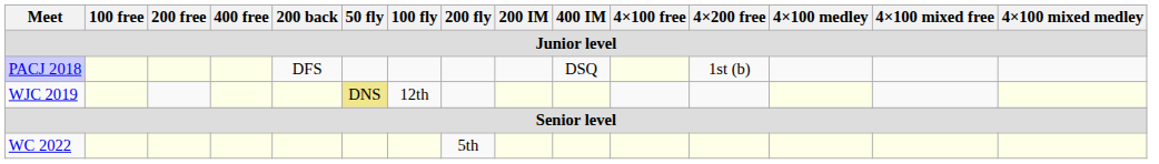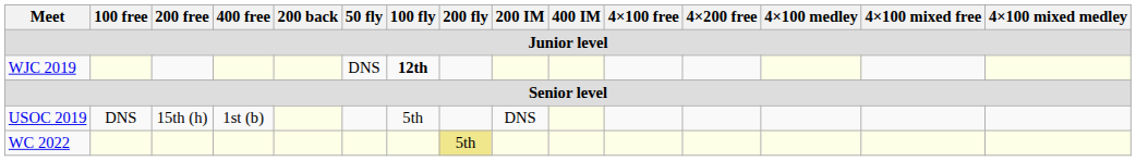 <table class="sortable wikitable">
 <tr>
 <th>Meet</th>
 <th class="unsortable">100 free</th>
 <th class="unsortable">200 free</th>
 <th class="unsortable">400 free</th>
 <th class="unsortable">200 back</th>
 <th class="unsortable">50 fly</th>
 <th class="unsortable">100 fly</th>
 <th class="unsortable">200 fly</th>
 <th class="unsortable">200 IM</th>
 <th class="unsortable">400 IM</th>
 <th class="unsortable">4×100 free</th>
 <th class="unsortable">4×200 free</th>
 <th class="unsortable">4×100 medley</th>
 <th class="unsortable">4×100 mixed free</th>
 <th class="unsortable">4×100 mixed medley</th>
 </tr>
 <tr bgcolor="#DDDDDD">
 <td colspan="15" align="center"><strong>Junior level</strong></td>
 </tr>
 <tr>
-<td style="background:#ccccff"><a href='#'>PACJ 2018</a></td>
-<td style="background:#fdffe7"></td>
-<td style="background:#fdffe7"></td>
-<td style="background:#fdffe7"></td>
-<td align="center">DFS</td>
-<td></td>
-<td align="center"></td>
-<td align="center"></td>
-<td align="center"></td>
-<td align="center">DSQ</td>
-<td style="background:#fdffe7"></td>
-<td align="center">1st (b)</td>
-<td align="center"></td>
-<td></td>
-<td align="center"></td>
-</tr>
-<tr>
 <td><a href='#'>WJC 2019</a></td>
 <td style="background:#fdffe7"></td>
 <td align="center"></td>
 <td style="background:#fdffe7"></td>
 <td style="background:#fdffe7"></td>
-<td align="center" style="background: khaki;">DNS</td>
-<td align="center">12th</td>
+<td align="center">DNS</td>
+<td align="center"><strong>12th</strong></td>
 <td align="center"></td>
 <td style="background:#fdffe7"></td>
 <td style="background:#fdffe7"></td>
 <td align="center"></td>
 <td align="center"></td>
 <td style="background:#fdffe7"></td>
 <td align="center"></td>
 <td style="background:#fdffe7"></td>
 </tr>
 <tr bgcolor="#DDDDDD">
 <td colspan="15" align="center"><strong>Senior level</strong></td>
 </tr>
 <tr>
+<td><a href='#'>USOC 2019</a></td>
+<td align="center">DNS</td>
+<td align="center">15th (h)</td>
+<td align="center">1st (b)</td>
+<td style="background:#fdffe7"></td>
+<td></td>
+<td align="center">5th</td>
+<td align="center"></td>
+<td align="center">DNS</td>
+<td style="background:#fdffe7"></td>
+<td></td>
+<td></td>
+<td></td>
+<td></td>
+<td></td>
+</tr>
+<tr>
 <td><a href='#'>WC 2022</a></td>
 <td style="background:#fdffe7"></td>
 <td style="background:#fdffe7"></td>
 <td style="background:#fdffe7"></td>
 <td style="background:#fdffe7"></td>
 <td style="background:#fdffe7"></td>
 <td style="background:#fdffe7"></td>
-<td align="center">5th</td>
+<td align="center" style="background: khaki;">5th</td>
 <td style="background:#fdffe7"></td>
 <td style="background:#fdffe7"></td>
 <td style="background:#fdffe7"></td>
 <td style="background:#fdffe7"></td>
 <td style="background:#fdffe7"></td>
 <td style="background:#fdffe7"></td>
 <td style="background:#fdffe7"></td>
 </tr>
 </table>
